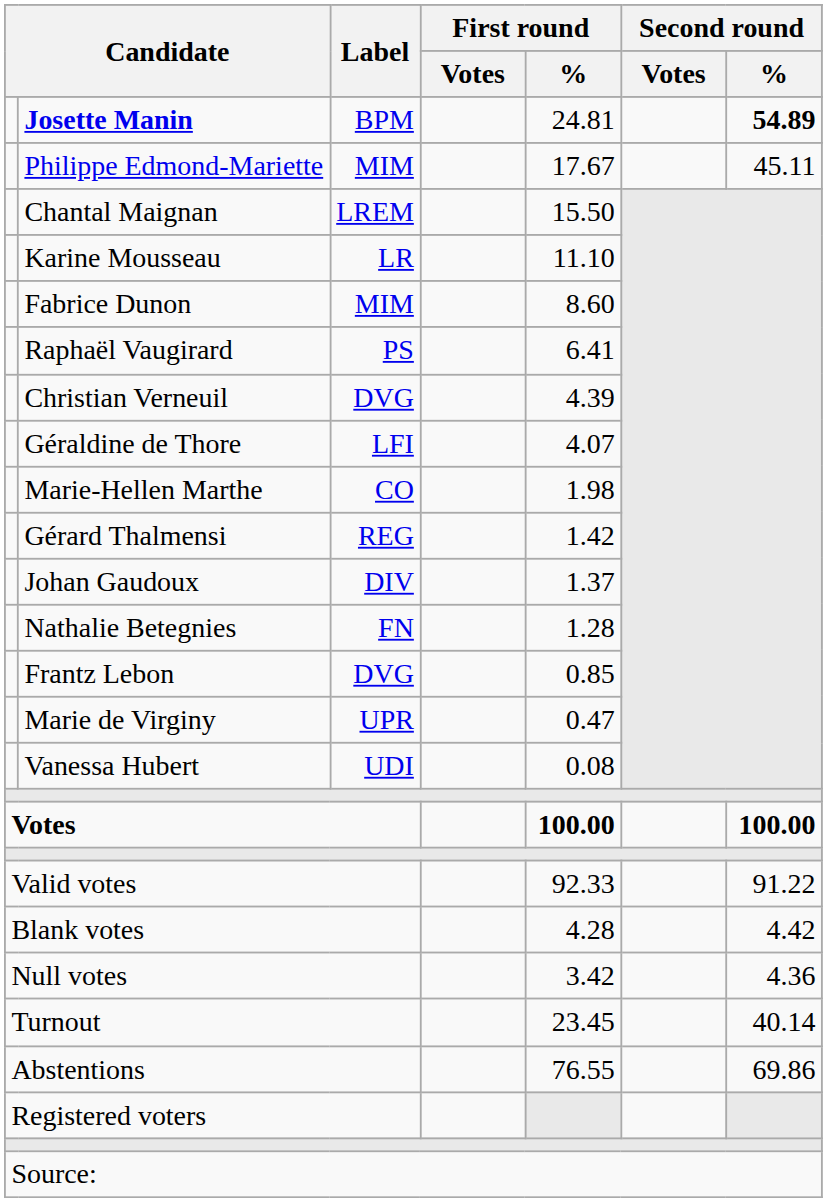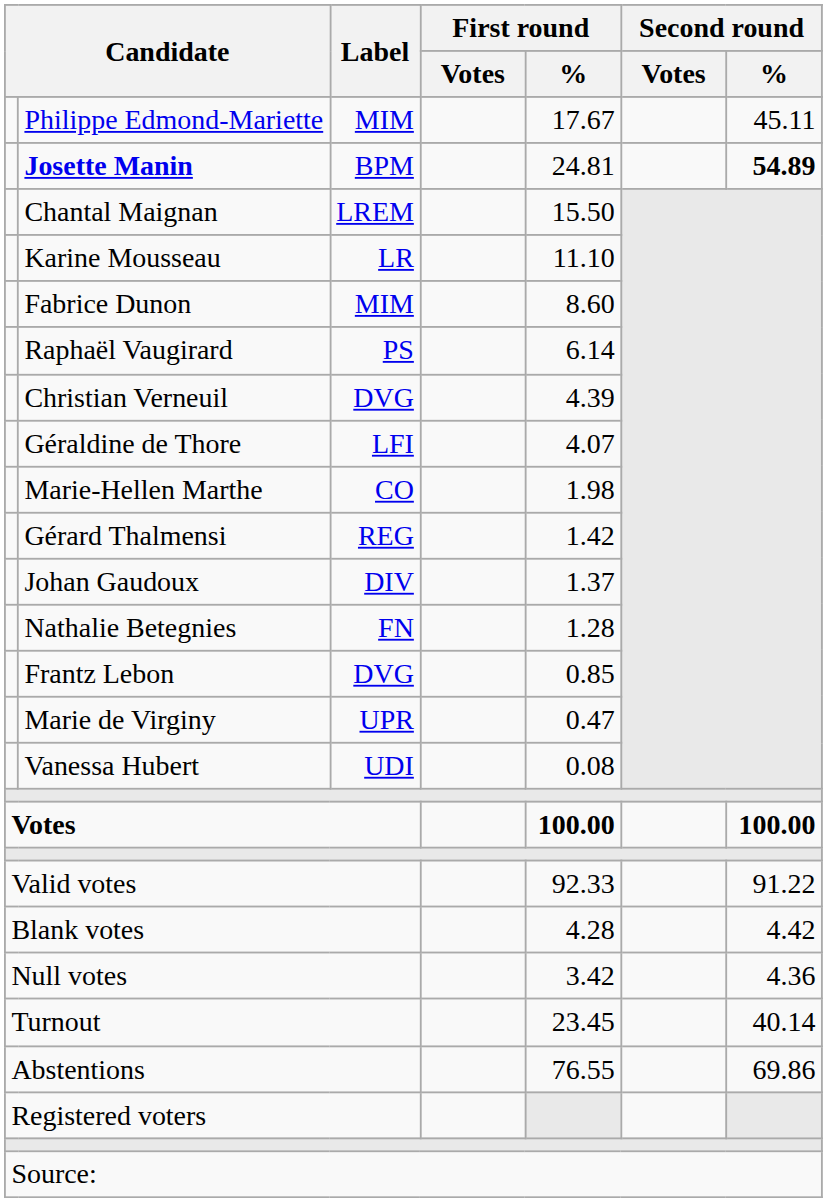 <table class="wikitable" style="text-align:right;font-size:95%;">
 <tr>
 <th rowspan="2" colspan="2">Candidate</th>
 <th rowspan="2">Label</th>
 <th colspan="2">First round</th>
 <th colspan="2">Second round</th>
 </tr>
 <tr>
 <th style="width:50px;">Votes</th>
 <th style="width:45px;">%</th>
 <th style="width:50px;">Votes</th>
 <th style="width:45px;">%</th>
 </tr>
 <tr>
 <td style="color:inherit;background:"></td>
+<td style="text-align:left;"><a href='#'>Philippe Edmond-Mariette</a></td>
+<td><a href='#'>MIM</a></td>
+<td></td>
+<td>17.67</td>
+<td></td>
+<td>45.11</td>
+</tr>
+<tr>
+<td style="color:inherit;background:"></td>
 <td style="text-align:left;"><strong><a href='#'>Josette Manin</a></strong></td>
 <td><a href='#'>BPM</a></td>
 <td></td>
 <td>24.81</td>
 <td><strong></strong></td>
 <td><strong>54.89</strong></td>
-</tr>
-<tr>
-<td style="color:inherit;background:"></td>
-<td style="text-align:left;"><a href='#'>Philippe Edmond-Mariette</a></td>
-<td><a href='#'>MIM</a></td>
-<td></td>
-<td>17.67</td>
-<td></td>
-<td>45.11</td>
 </tr>
 <tr>
 <td style="color:inherit;background:"></td>
 <td style="text-align:left;">Chantal Maignan</td>
 <td><a href='#'>LREM</a></td>
 <td></td>
 <td>15.50</td>
 <td colspan="2" rowspan="13" style="background:#E9E9E9;"></td>
 </tr>
 <tr>
 <td style="color:inherit;background:"></td>
 <td style="text-align:left;">Karine Mousseau</td>
 <td><a href='#'>LR</a></td>
 <td></td>
 <td>11.10</td>
 </tr>
 <tr>
 <td style="color:inherit;background:"></td>
 <td style="text-align:left;">Fabrice Dunon</td>
 <td><a href='#'>MIM</a></td>
 <td></td>
 <td>8.60</td>
 </tr>
 <tr>
 <td style="color:inherit;background:"></td>
 <td style="text-align:left;">Raphaël Vaugirard</td>
 <td><a href='#'>PS</a></td>
 <td></td>
-<td>6.41</td>
+<td>6.14</td>
 </tr>
 <tr>
 <td style="color:inherit;background:"></td>
 <td style="text-align:left;">Christian Verneuil</td>
 <td><a href='#'>DVG</a></td>
 <td></td>
 <td>4.39</td>
 </tr>
 <tr>
 <td style="color:inherit;background:"></td>
 <td style="text-align:left;">Géraldine de Thore</td>
 <td><a href='#'>LFI</a></td>
 <td></td>
 <td>4.07</td>
 </tr>
 <tr>
 <td style="color:inherit;background:"></td>
 <td style="text-align:left;">Marie-Hellen Marthe</td>
 <td><a href='#'>CO</a></td>
 <td></td>
 <td>1.98</td>
 </tr>
 <tr>
 <td style="color:inherit;background:"></td>
 <td style="text-align:left;">Gérard Thalmensi</td>
 <td><a href='#'>REG</a></td>
 <td></td>
 <td>1.42</td>
 </tr>
 <tr>
 <td style="color:inherit;background:"></td>
 <td style="text-align:left;">Johan Gaudoux</td>
 <td><a href='#'>DIV</a></td>
 <td></td>
 <td>1.37</td>
 </tr>
 <tr>
 <td style="color:inherit;background:"></td>
 <td style="text-align:left;">Nathalie Betegnies</td>
 <td><a href='#'>FN</a></td>
 <td></td>
 <td>1.28</td>
 </tr>
 <tr>
 <td style="color:inherit;background:"></td>
 <td style="text-align:left;">Frantz Lebon</td>
 <td><a href='#'>DVG</a></td>
 <td></td>
 <td>0.85</td>
 </tr>
 <tr>
 <td style="color:inherit;background:"></td>
 <td style="text-align:left;">Marie de Virginy</td>
 <td><a href='#'>UPR</a></td>
 <td></td>
 <td>0.47</td>
 </tr>
 <tr>
 <td style="color:inherit;background:"></td>
 <td style="text-align:left;">Vanessa Hubert</td>
 <td><a href='#'>UDI</a></td>
 <td></td>
 <td>0.08</td>
 </tr>
 <tr>
 <td colspan="7" style="background:#E9E9E9;"></td>
 </tr>
 <tr style="font-weight:bold;">
 <td colspan="3" style="text-align:left;">Votes</td>
 <td></td>
 <td>100.00</td>
 <td></td>
 <td>100.00</td>
 </tr>
 <tr>
 <td colspan="7" style="background:#E9E9E9;"></td>
 </tr>
 <tr>
 <td colspan="3" style="text-align:left;">Valid votes</td>
 <td></td>
 <td>92.33</td>
 <td></td>
 <td>91.22</td>
 </tr>
 <tr>
 <td colspan="3" style="text-align:left;">Blank votes</td>
 <td></td>
 <td>4.28</td>
 <td></td>
 <td>4.42</td>
 </tr>
 <tr>
 <td colspan="3" style="text-align:left;">Null votes</td>
 <td></td>
 <td>3.42</td>
 <td></td>
 <td>4.36</td>
 </tr>
 <tr>
 <td colspan="3" style="text-align:left;">Turnout</td>
 <td></td>
 <td>23.45</td>
 <td></td>
 <td>40.14</td>
 </tr>
 <tr>
 <td colspan="3" style="text-align:left;">Abstentions</td>
 <td></td>
 <td>76.55</td>
 <td></td>
 <td>69.86</td>
 </tr>
 <tr>
 <td colspan="3" style="text-align:left;">Registered voters</td>
 <td></td>
 <td style="background:#E9E9E9;"></td>
 <td></td>
 <td style="background:#E9E9E9;"></td>
 </tr>
 <tr>
 <td colspan="7" style="background:#E9E9E9;"></td>
 </tr>
 <tr>
 <td colspan="7" style="text-align:left;">Source: </td>
 </tr>
 </table>
